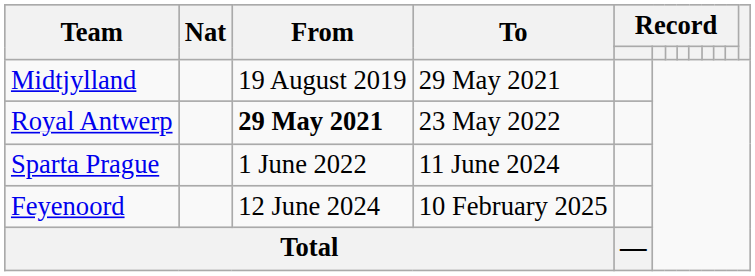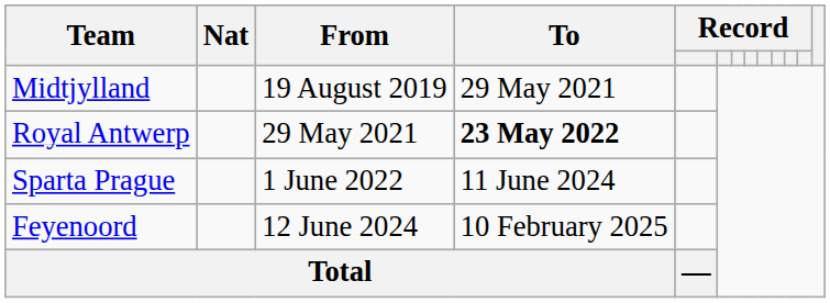 <table class="wikitable" style="text-align: center">
 <tr>
 <th rowspan="2">Team</th>
 <th rowspan="2">Nat</th>
 <th rowspan="2">From</th>
 <th rowspan="2">To</th>
 <th colspan="8">Record</th>
 <th rowspan=2></th>
 </tr>
 <tr>
 <th></th>
 <th></th>
 <th></th>
 <th></th>
 <th></th>
 <th></th>
 <th></th>
 <th></th>
 </tr>
 <tr>
 <td align=left><a href='#'>Midtjylland</a></td>
 <td align=left></td>
 <td align=left>19 August 2019</td>
 <td align=left>29 May 2021<br></td>
 <td></td>
 </tr>
 <tr>
 <td align=left><a href='#'>Royal Antwerp</a></td>
 <td align=left></td>
-<td align=left><strong>29 May 2021</strong></td>
-<td align=left>23 May 2022<br></td>
+<td align=left>29 May 2021</td>
+<td align=left><strong>23 May 2022<br></strong></td>
 <td></td>
 </tr>
 <tr>
 <td align=left><a href='#'>Sparta Prague</a></td>
 <td align=left></td>
 <td align=left>1 June 2022</td>
 <td align=left>11 June 2024<br></td>
 <td></td>
 </tr>
 <tr>
 <td align=left><a href='#'>Feyenoord</a></td>
 <td align=left></td>
 <td align=left>12 June 2024</td>
 <td align=left>10 February 2025<br></td>
 <td></td>
 </tr>
 <tr>
 <th colspan="4">Total<br></th>
 <th>—</th>
 </tr>
 </table>
